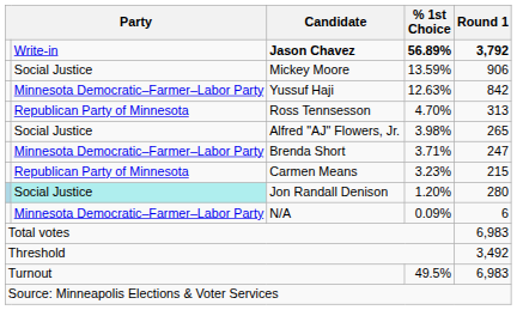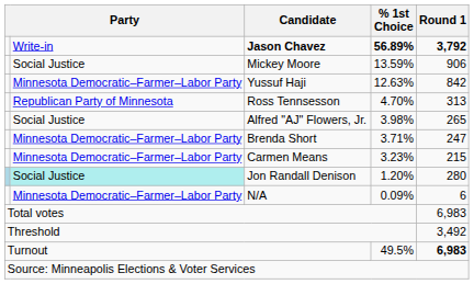 <table class="wikitable">
 <tr>
 <th colspan="2" style="width:290px">Party</th>
 <th style="width:165px">Candidate</th>
 <th>% 1st<br>Choice</th>
 <th>Round 1</th>
 </tr>
 <tr>
 <td style="background-color:"></td>
 <td><a href='#'>Write-in</a></td>
 <td><strong>Jason Chavez</strong></td>
 <td align="right"><strong>56.89%</strong></td>
 <td align="right"><strong>3,792</strong></td>
 </tr>
 <tr>
 <td style="background-color:"></td>
 <td>Social Justice</td>
 <td>Mickey Moore</td>
 <td align="right">13.59%</td>
 <td align="right">906</td>
 </tr>
 <tr>
 <td style="background-color:"></td>
 <td><a href='#'>Minnesota Democratic–Farmer–Labor Party</a></td>
 <td>Yussuf Haji</td>
 <td align="right">12.63%</td>
 <td align="right">842</td>
 </tr>
 <tr>
 <td style="background-color:"></td>
 <td><a href='#'>Republican Party of Minnesota</a></td>
 <td>Ross Tennsesson</td>
 <td align="right">4.70%</td>
 <td align="right">313</td>
 </tr>
 <tr>
 <td style="background-color:"></td>
 <td>Social Justice</td>
 <td>Alfred "AJ" Flowers, Jr.</td>
 <td align="right">3.98%</td>
 <td align="right">265</td>
 </tr>
 <tr>
 <td style="background-color:"></td>
 <td><a href='#'>Minnesota Democratic–Farmer–Labor Party</a></td>
 <td>Brenda Short</td>
 <td align="right">3.71%</td>
 <td align="right">247</td>
 </tr>
 <tr>
 <td style="background-color:"></td>
-<td><a href='#'>Republican Party of Minnesota</a></td>
+<td><a href='#'>Minnesota Democratic–Farmer–Labor Party</a></td>
 <td>Carmen Means</td>
 <td align="right">3.23%</td>
 <td align="right">215</td>
 </tr>
 <tr>
 <td style="background-color:lightblue"></td>
 <td style="background: paleturquoise;">Social Justice</td>
 <td>Jon Randall Denison</td>
 <td align="right">1.20%</td>
 <td align="right">280</td>
 </tr>
 <tr>
 <td style="background-color:"></td>
 <td><a href='#'>Minnesota Democratic–Farmer–Labor Party</a></td>
 <td>N/A</td>
 <td align="right">0.09%</td>
 <td align="right">6</td>
 </tr>
 <tr>
 <td colspan="4">Total votes</td>
 <td align="right">6,983</td>
 </tr>
 <tr>
 <td colspan="4">Threshold</td>
 <td align="right">3,492</td>
 </tr>
 <tr>
 <td colspan="3">Turnout</td>
 <td align="right">49.5%</td>
-<td align="right">6,983</td>
+<td align="right"><strong>6,983</strong></td>
 </tr>
 <tr>
 <td colspan="8">Source: Minneapolis Elections & Voter Services</td>
 </tr>
 </table>
